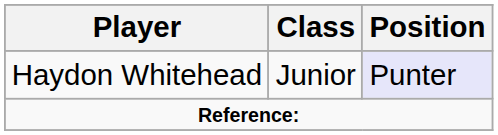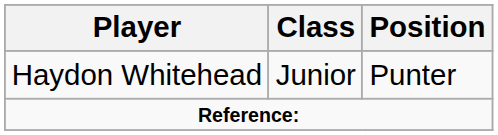 <table class="wikitable">
 <tr ;>
 <th>Player</th>
 <th>Class</th>
 <th>Position</th>
 </tr>
 <tr>
 <td>Haydon Whitehead</td>
 <td>Junior</td>
-<td style="background: lavender;">Punter</td>
+<td>Punter</td>
 </tr>
 <tr>
 <td colspan="3"  style="font-size:8pt; text-align:center;"><strong>Reference:</strong></td>
 </tr>
 </table>
